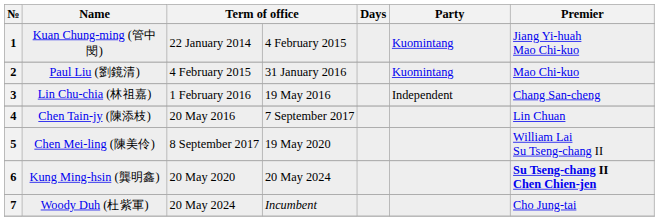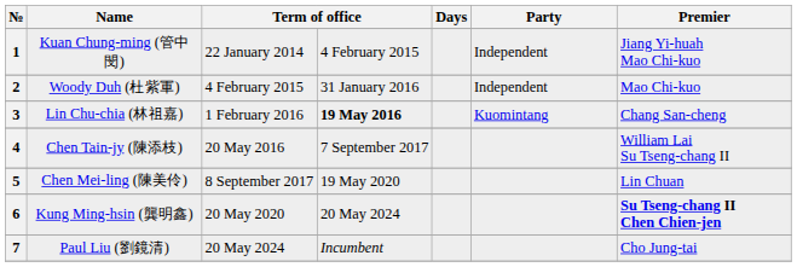 <table class="wikitable">
 <tr ->
 <th>№</th>
 <th width="180">Name</th>
 <th colspan=2 width="180">Term of office</th>
 <th>Days</th>
 <th width="150">Party</th>
 <th width="180">Premier</th>
 </tr>
 <tr ->
 </tr>
 <tr - bgcolor=#EEEEEE>
 <th style="background:">1</th>
 <td align=center><a href='#'>Kuan Chung-ming</a> (管中閔)</td>
 <td>22 January 2014</td>
 <td>4 February 2015</td>
 <td></td>
-<td><a href='#'>Kuomintang</a></td>
+<td>Independent</td>
 <td><a href='#'>Jiang Yi-huah</a><br><a href='#'>Mao Chi-kuo</a></td>
 </tr>
 <tr ->
 </tr>
 <tr - bgcolor=#EEEEEE>
 <th style="background:">2</th>
-<td align=center><a href='#'>Paul Liu</a> (劉鏡清)</td>
+<td align=center><a href='#'>Woody Duh</a> (杜紫軍)</td>
 <td>4 February 2015</td>
 <td>31 January 2016</td>
 <td></td>
-<td><a href='#'>Kuomintang</a></td>
+<td>Independent</td>
 <td><a href='#'>Mao Chi-kuo</a></td>
 </tr>
 <tr ->
 </tr>
 <tr - bgcolor=#EEEEEE>
 <th style="background:">3</th>
 <td align=center><a href='#'>Lin Chu-chia</a> (林祖嘉)</td>
 <td>1 February 2016</td>
-<td>19 May 2016</td>
+<td><strong>19 May 2016</strong></td>
 <td></td>
-<td>Independent</td>
+<td><a href='#'>Kuomintang</a></td>
 <td><a href='#'>Chang San-cheng</a></td>
 </tr>
 <tr ->
 </tr>
 <tr - bgcolor=#EEEEEE>
 <th style="background:">4</th>
 <td align=center><a href='#'>Chen Tain-jy</a> (陳添枝)</td>
 <td>20 May 2016</td>
 <td>7 September 2017</td>
 <td></td>
 <td></td>
-<td><a href='#'>Lin Chuan</a></td>
+<td><a href='#'>William Lai</a><br><a href='#'>Su Tseng-chang</a> II</td>
 </tr>
 <tr ->
 </tr>
 <tr - bgcolor=#EEEEEE>
 <th style="background:">5</th>
 <td align=center><a href='#'>Chen Mei-ling</a> (陳美伶)</td>
 <td>8 September 2017</td>
 <td>19 May 2020</td>
 <td></td>
 <td></td>
-<td><a href='#'>William Lai</a><br><a href='#'>Su Tseng-chang</a> II</td>
+<td><a href='#'>Lin Chuan</a></td>
 </tr>
 <tr ->
 </tr>
 <tr - bgcolor=#EEEEEE>
 <th style="background:">6</th>
 <td align=center><a href='#'>Kung Ming-hsin</a> (龔明鑫)</td>
 <td>20 May 2020</td>
 <td>20 May 2024</td>
 <td></td>
 <td></td>
 <td><strong><a href='#'>Su Tseng-chang</a> II<br><a href='#'>Chen Chien-jen</a></strong></td>
 </tr>
 <tr ->
 </tr>
 <tr - bgcolor=#EEEEEE>
 <th style="background:">7</th>
-<td align=center><a href='#'>Woody Duh</a> (杜紫軍)</td>
+<td align=center><a href='#'>Paul Liu</a> (劉鏡清)</td>
 <td>20 May 2024</td>
 <td><em>Incumbent</em></td>
 <td></td>
 <td></td>
 <td><a href='#'>Cho Jung-tai</a></td>
 </tr>
 <tr ->
 </tr>
 </table>
